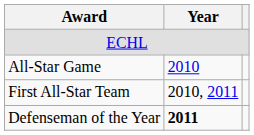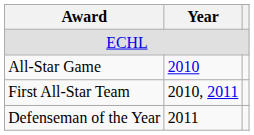 <table class="wikitable">
 <tr>
 <th>Award</th>
 <th>Year</th>
 <th></th>
 </tr>
 <tr ALIGN="center" bgcolor="#e0e0e0">
 <td colspan="3"><a href='#'>ECHL</a></td>
 </tr>
 <tr>
 <td>All-Star Game</td>
 <td><a href='#'>2010</a></td>
 <td></td>
 </tr>
 <tr>
 <td>First All-Star Team</td>
 <td>2010, <a href='#'>2011</a></td>
 <td></td>
 </tr>
 <tr>
 <td>Defenseman of the Year</td>
-<td><strong>2011</strong></td>
+<td>2011</td>
 <td></td>
 </tr>
 </table>
